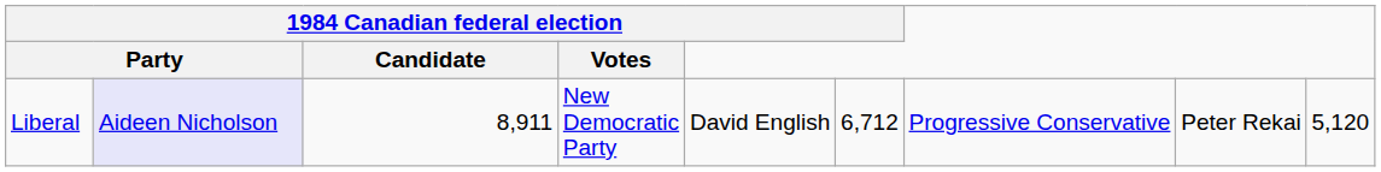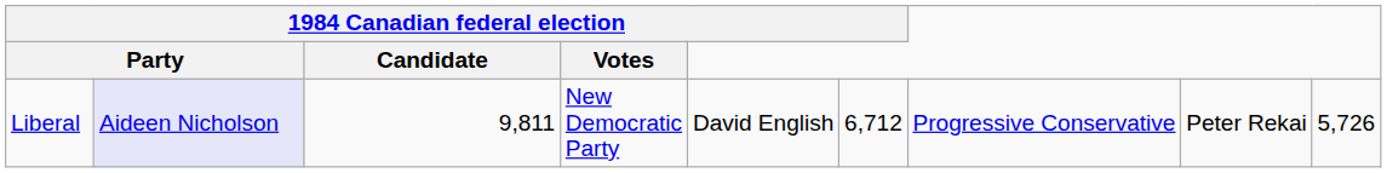 <table class="wikitable">
 <tr style="background:#e9e9e9;">
 <th colspan="6"><a href='#'>1984 Canadian federal election</a></th>
 </tr>
 <tr style="background:#e9e9e9;">
 <th colspan="2" style="width: 200px">Party</th>
 <th style="width: 170px">Candidate</th>
 <th style="width: 40px">Votes</th>
 </tr>
 <tr>
 <td><a href='#'>Liberal</a></td>
 <td style="background: lavender;"><a href='#'>Aideen Nicholson</a></td>
-<td align="right">8,911<br></td>
+<td align="right">9,811<br></td>
 <td><a href='#'>New Democratic Party</a></td>
 <td>David English</td>
 <td align="right">6,712<br></td>
 <td><a href='#'>Progressive Conservative</a></td>
 <td>Peter Rekai</td>
-<td align="right">5,120<br>   </td>
+<td align="right">5,726<br>   </td>
 </tr>
 </table>
